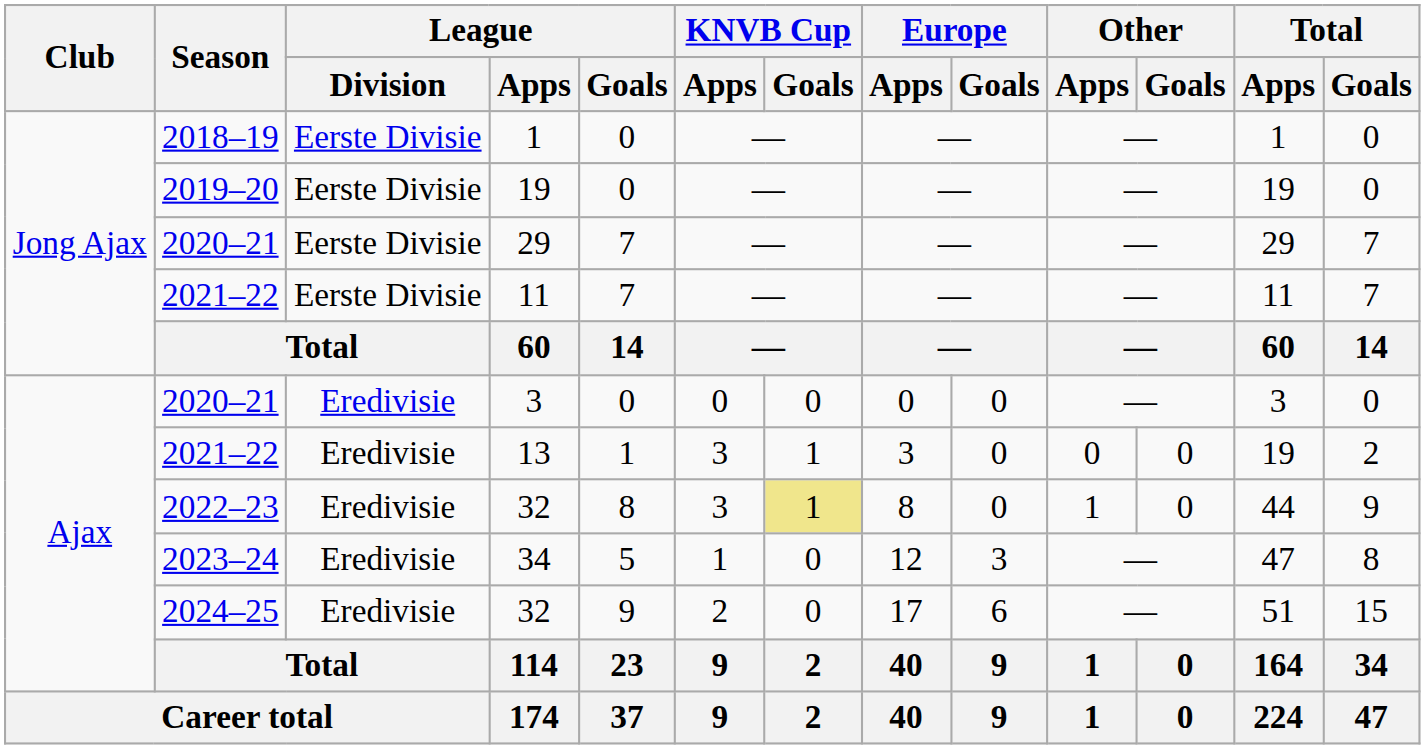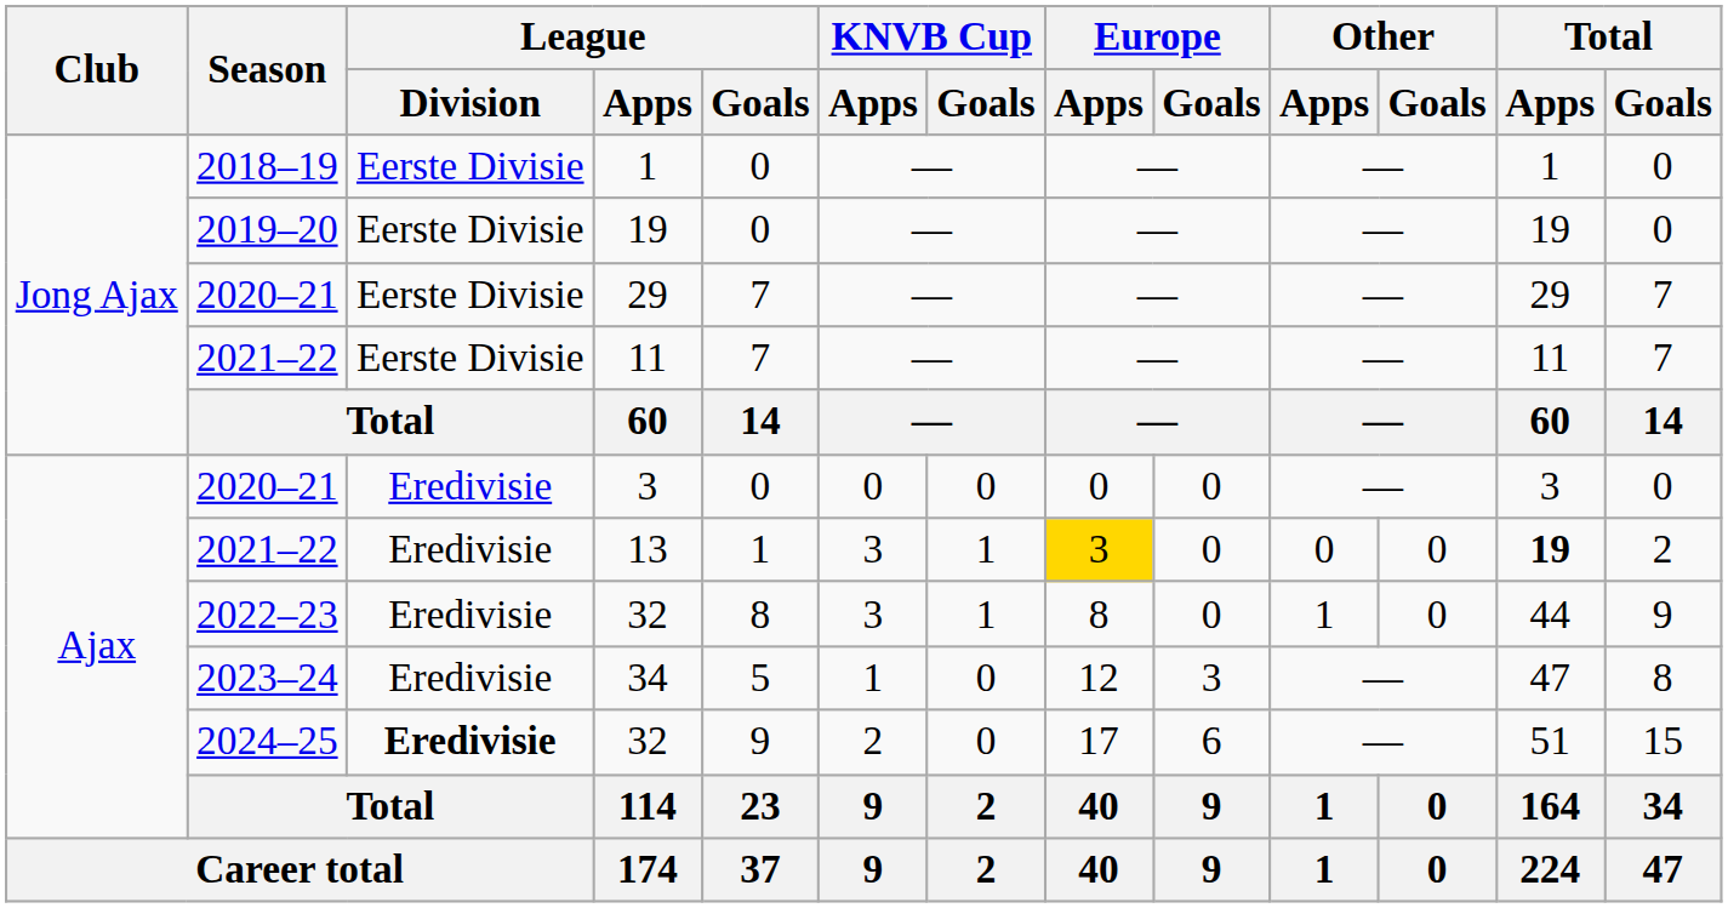 <table class="wikitable" style="text-align:center">
 <tr>
 <th rowspan="2">Club</th>
 <th rowspan="2">Season</th>
 <th colspan="3">League</th>
 <th colspan="2"><a href='#'>KNVB Cup</a></th>
 <th colspan="2"><a href='#'>Europe</a></th>
 <th colspan="2">Other</th>
 <th colspan="2">Total</th>
 </tr>
 <tr>
 <th>Division</th>
 <th>Apps</th>
 <th>Goals</th>
 <th>Apps</th>
 <th>Goals</th>
 <th>Apps</th>
 <th>Goals</th>
 <th>Apps</th>
 <th>Goals</th>
 <th>Apps</th>
 <th>Goals</th>
 </tr>
 <tr>
 <td rowspan="5"><a href='#'>Jong Ajax</a></td>
 <td><a href='#'>2018–19</a></td>
 <td><a href='#'>Eerste Divisie</a></td>
 <td>1</td>
 <td>0</td>
 <td colspan="2">—</td>
 <td colspan="2">—</td>
 <td colspan="2">—</td>
 <td>1</td>
 <td>0</td>
 </tr>
 <tr>
 <td><a href='#'>2019–20</a></td>
 <td>Eerste Divisie</td>
 <td>19</td>
 <td>0</td>
 <td colspan="2">—</td>
 <td colspan="2">—</td>
 <td colspan="2">—</td>
 <td>19</td>
 <td>0</td>
 </tr>
 <tr>
 <td><a href='#'>2020–21</a></td>
 <td>Eerste Divisie</td>
 <td>29</td>
 <td>7</td>
 <td colspan="2">—</td>
 <td colspan="2">—</td>
 <td colspan="2">—</td>
 <td>29</td>
 <td>7</td>
 </tr>
 <tr>
 <td><a href='#'>2021–22</a></td>
 <td>Eerste Divisie</td>
 <td>11</td>
 <td>7</td>
 <td colspan="2">—</td>
 <td colspan="2">—</td>
 <td colspan="2">—</td>
 <td>11</td>
 <td>7</td>
 </tr>
 <tr>
 <th colspan="2">Total</th>
 <th>60</th>
 <th>14</th>
 <th colspan="2">—</th>
 <th colspan="2">—</th>
 <th colspan="2">—</th>
 <th>60</th>
 <th>14</th>
 </tr>
 <tr>
 <td rowspan="6"><a href='#'>Ajax</a></td>
 <td><a href='#'>2020–21</a></td>
 <td><a href='#'>Eredivisie</a></td>
 <td>3</td>
 <td>0</td>
 <td>0</td>
 <td>0</td>
 <td>0</td>
 <td>0</td>
 <td colspan="2">—</td>
 <td>3</td>
 <td>0</td>
 </tr>
 <tr>
 <td><a href='#'>2021–22</a></td>
 <td>Eredivisie</td>
 <td>13</td>
 <td>1</td>
 <td>3</td>
 <td>1</td>
-<td>3</td>
+<td style="background: gold;">3</td>
 <td>0</td>
 <td>0</td>
 <td>0</td>
-<td>19</td>
+<td><strong>19</strong></td>
 <td>2</td>
 </tr>
 <tr>
 <td><a href='#'>2022–23</a></td>
 <td>Eredivisie</td>
 <td>32</td>
 <td>8</td>
 <td>3</td>
-<td style="background: khaki;">1</td>
+<td>1</td>
 <td>8</td>
 <td>0</td>
 <td>1</td>
 <td>0</td>
 <td>44</td>
 <td>9</td>
 </tr>
 <tr>
 <td><a href='#'>2023–24</a></td>
 <td>Eredivisie</td>
 <td>34</td>
 <td>5</td>
 <td>1</td>
 <td>0</td>
 <td>12</td>
 <td>3</td>
 <td colspan="2">—</td>
 <td>47</td>
 <td>8</td>
 </tr>
 <tr>
 <td><a href='#'>2024–25</a></td>
-<td>Eredivisie</td>
+<td><strong>Eredivisie</strong></td>
 <td>32</td>
 <td>9</td>
 <td>2</td>
 <td>0</td>
 <td>17</td>
 <td>6</td>
 <td colspan="2">—</td>
 <td>51</td>
 <td>15</td>
 </tr>
 <tr>
 <th colspan="2">Total</th>
 <th>114</th>
 <th>23</th>
 <th>9</th>
 <th>2</th>
 <th>40</th>
 <th>9</th>
 <th>1</th>
 <th>0</th>
 <th>164</th>
 <th>34</th>
 </tr>
 <tr>
 <th colspan="3">Career total</th>
 <th>174</th>
 <th>37</th>
 <th>9</th>
 <th>2</th>
 <th>40</th>
 <th>9</th>
 <th>1</th>
 <th>0</th>
 <th>224</th>
 <th>47</th>
 </tr>
 </table>
